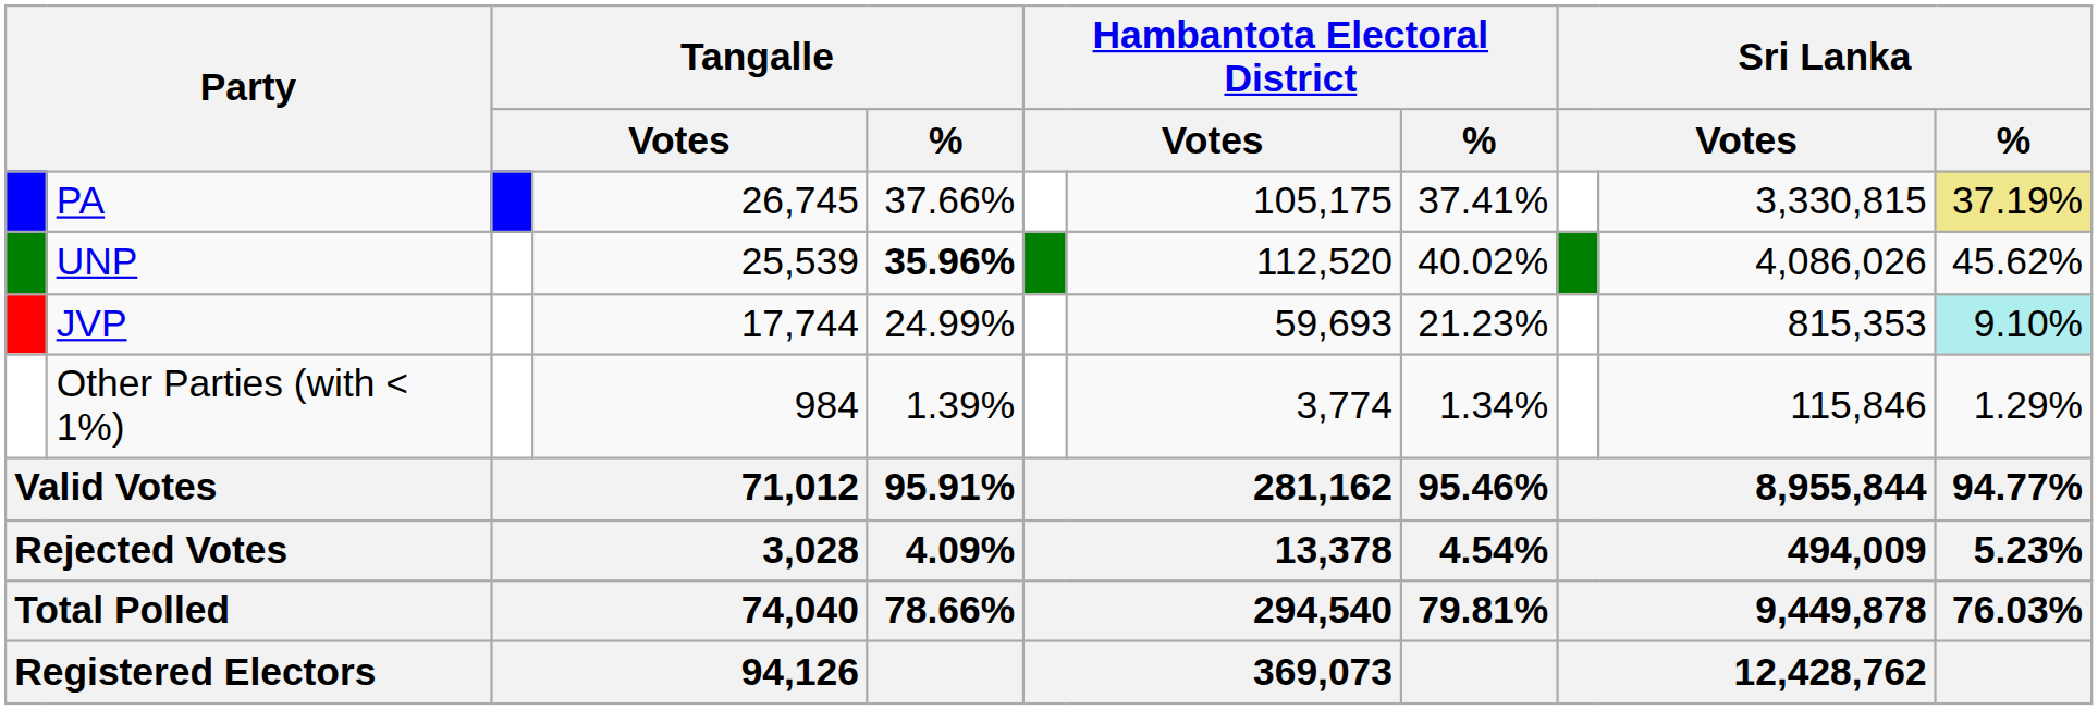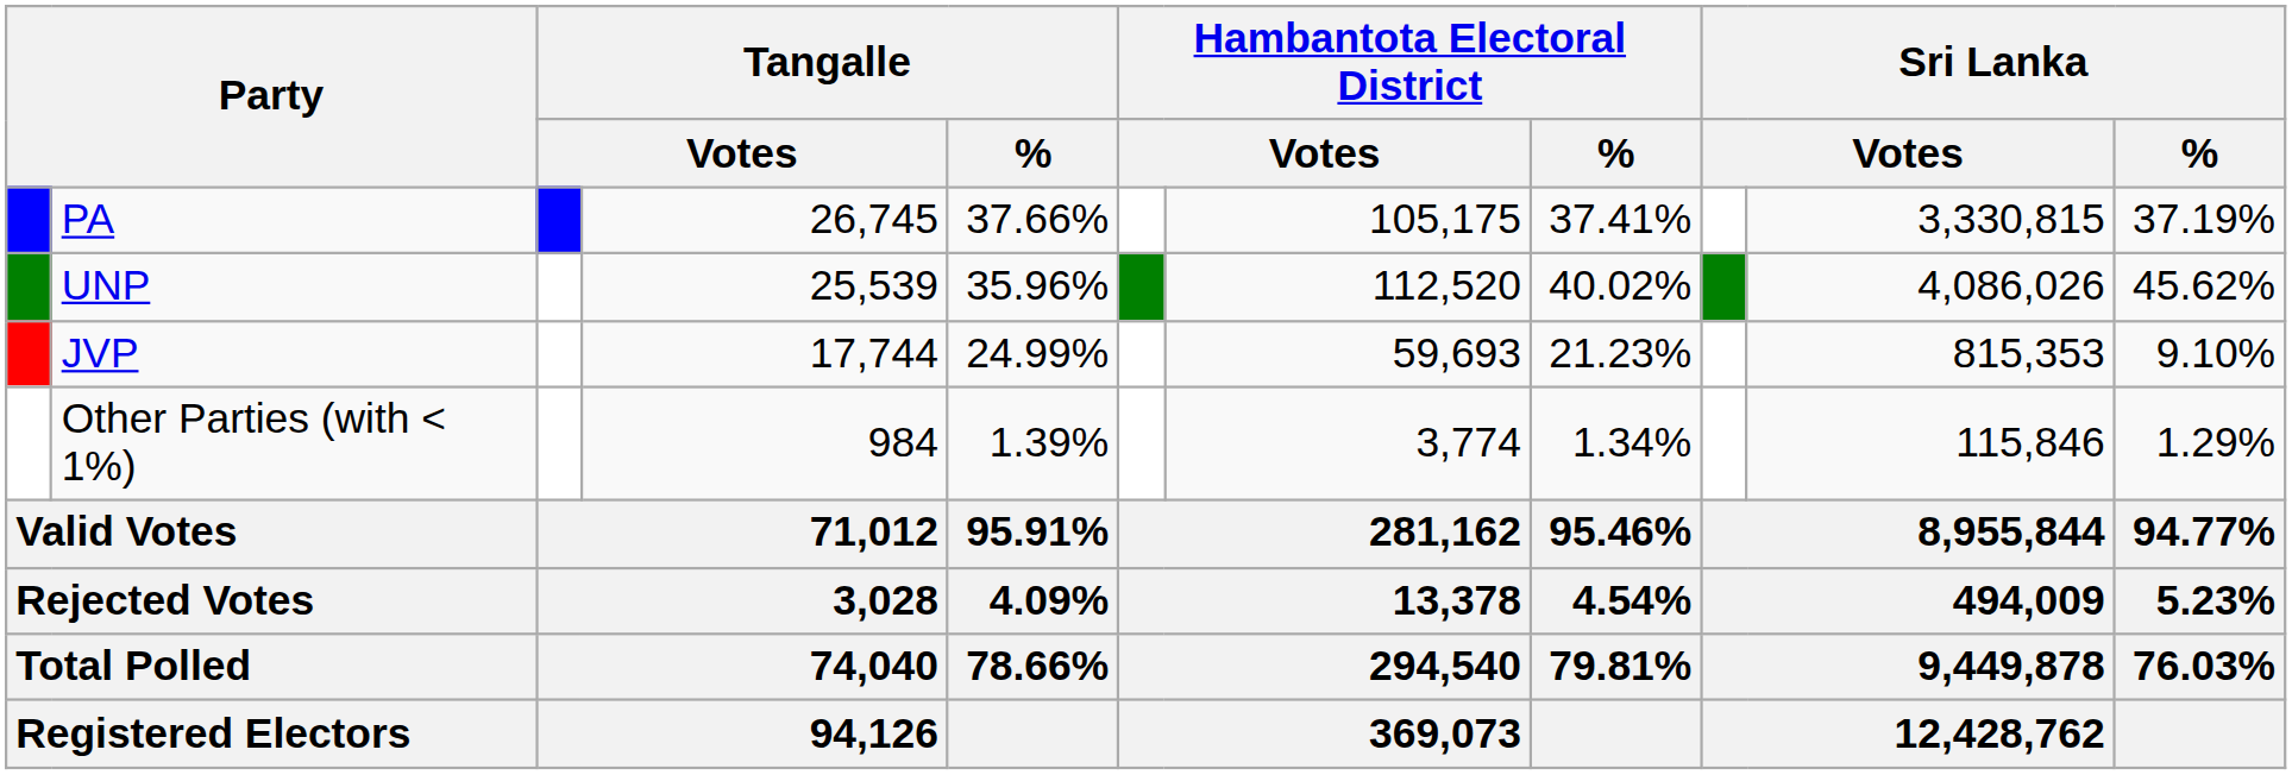 <table class="wikitable">
 <tr>
 <th colspan="2" width="144px"rowspan="2">Party</th>
 <th colspan="3" width="216px">Tangalle</th>
 <th colspan="3" width="216px"><a href='#'>Hambantota Electoral District</a></th>
 <th colspan="3" width="216px">Sri Lanka</th>
 </tr>
 <tr>
 <th colspan="2" width="144px">Votes</th>
 <th>%</th>
 <th colspan="2" width="144px">Votes</th>
 <th>%</th>
 <th colspan="2" width="144px">Votes</th>
 <th>%</th>
 </tr>
 <tr>
 <td style="background-color:blue;" width="10px"></td>
 <td style="text-align:left;"><a href='#'>PA</a></td>
 <td style="background-color:blue;" width="10px"></td>
 <td style="text-align:right;">26,745</td>
 <td style="text-align:right;">37.66%</td>
 <td style="background-color:white;" width="10px"></td>
 <td style="text-align:right;">105,175</td>
 <td style="text-align:right;">37.41%</td>
 <td style="background-color:white;" width="10px"></td>
 <td style="text-align:right;">3,330,815</td>
-<td style="background: khaki; text-align:right;">37.19%</td>
+<td style="text-align:right;">37.19%</td>
 </tr>
 <tr>
 <td style="background-color:green;" width="10px"></td>
 <td style="text-align:left;"><a href='#'>UNP</a></td>
 <td style="background-color:white;" width="10px"></td>
 <td style="text-align:right;">25,539</td>
-<td style="text-align:right;"><strong>35.96%</strong></td>
+<td style="text-align:right;">35.96%</td>
 <td style="background-color:green;" width="10px"></td>
 <td style="text-align:right;">112,520</td>
 <td style="text-align:right;">40.02%</td>
 <td style="background-color:green;" width="10px"></td>
 <td style="text-align:right;">4,086,026</td>
 <td style="text-align:right;">45.62%</td>
 </tr>
 <tr>
 <td style="background-color:red;" width="10px"></td>
 <td style="text-align:left;"><a href='#'>JVP</a></td>
 <td style="background-color:white;" width="10px"></td>
 <td style="text-align:right;">17,744</td>
 <td style="text-align:right;">24.99%</td>
 <td style="background-color:white;" width="10px"></td>
 <td style="text-align:right;">59,693</td>
 <td style="text-align:right;">21.23%</td>
 <td style="background-color:white;" width="10px"></td>
 <td style="text-align:right;">815,353</td>
-<td style="background: paleturquoise; text-align:right;">9.10%</td>
+<td style="text-align:right;">9.10%</td>
 </tr>
 <tr>
 <td style="background-color:white;" width="10px"></td>
 <td style="text-align:left;">Other Parties (with < 1%)</td>
 <td style="background-color:white;" width="10px"></td>
 <td style="text-align:right;">984</td>
 <td style="text-align:right;">1.39%</td>
 <td style="background-color:white;" width="10px"></td>
 <td style="text-align:right;">3,774</td>
 <td style="text-align:right;">1.34%</td>
 <td style="background-color:white;" width="10px"></td>
 <td style="text-align:right;">115,846</td>
 <td style="text-align:right;">1.29%</td>
 </tr>
 <tr>
 <th colspan="2" width="144px"style="text-align:left;">Valid Votes</th>
 <th style="text-align:right;"colspan="2" width="144px">71,012</th>
 <th style="text-align:right;">95.91%</th>
 <th style="text-align:right;"colspan="2" width="144px">281,162</th>
 <th style="text-align:right;">95.46%</th>
 <th style="text-align:right;"colspan="2" width="144px">8,955,844</th>
 <th style="text-align:right;">94.77%</th>
 </tr>
 <tr>
 <th colspan="2" width="144px"style="text-align:left;">Rejected Votes</th>
 <th style="text-align:right;"colspan="2" width="144px">3,028</th>
 <th style="text-align:right;">4.09%</th>
 <th style="text-align:right;"colspan="2" width="144px">13,378</th>
 <th style="text-align:right;">4.54%</th>
 <th style="text-align:right;"colspan="2" width="144px">494,009</th>
 <th style="text-align:right;">5.23%</th>
 </tr>
 <tr>
 <th colspan="2" width="144px"style="text-align:left;">Total Polled</th>
 <th style="text-align:right;"colspan="2" width="144px">74,040</th>
 <th style="text-align:right;">78.66%</th>
 <th style="text-align:right;"colspan="2" width="144px">294,540</th>
 <th style="text-align:right;">79.81%</th>
 <th style="text-align:right;"colspan="2" width="144px">9,449,878</th>
 <th style="text-align:right;">76.03%</th>
 </tr>
 <tr>
 <th colspan="2" width="144px"style="text-align:left;">Registered Electors</th>
 <th style="text-align:right;"colspan="2" width="144px">94,126</th>
 <th></th>
 <th style="text-align:right;"colspan="2" width="144px">369,073</th>
 <th></th>
 <th style="text-align:right;"colspan="2" width="144px">12,428,762</th>
 <th></th>
 </tr>
 </table>
